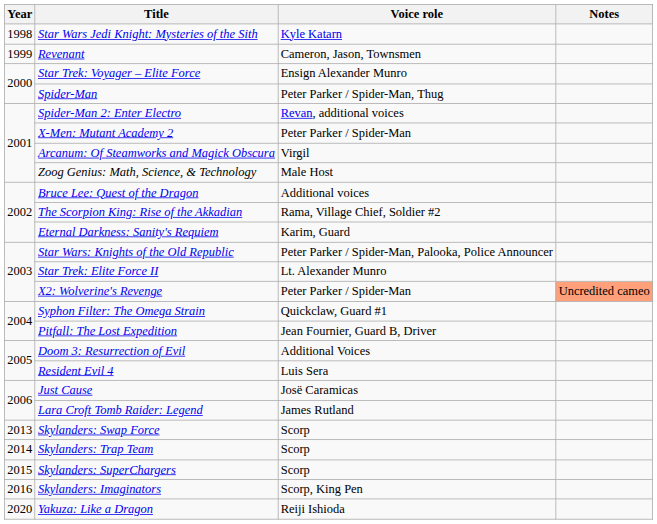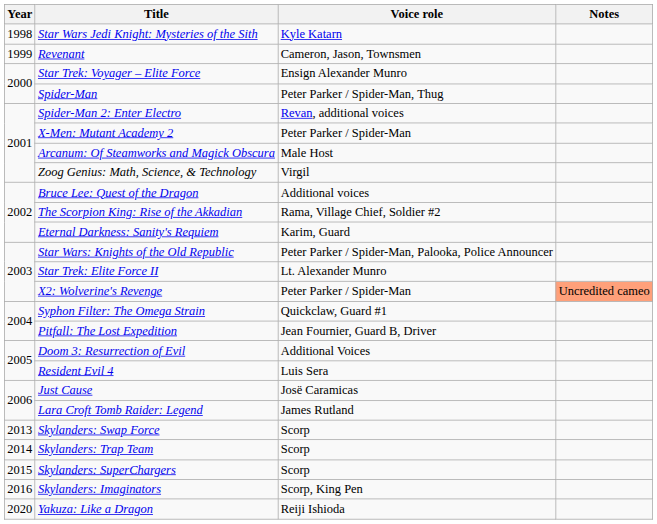 <table class="wikitable sortable">
 <tr>
 <th>Year</th>
 <th>Title</th>
 <th>Voice role</th>
 <th class="unsortable">Notes</th>
 </tr>
 <tr>
 <td>1998</td>
 <td><em><a href='#'>Star Wars Jedi Knight: Mysteries of the Sith</a></em></td>
 <td><a href='#'>Kyle Katarn</a></td>
 <td></td>
 </tr>
 <tr>
 <td>1999</td>
 <td><em><a href='#'>Revenant</a></em></td>
 <td>Cameron, Jason, Townsmen</td>
 <td></td>
 </tr>
 <tr>
 <td rowspan="2">2000</td>
 <td><em><a href='#'>Star Trek: Voyager – Elite Force</a></em></td>
 <td>Ensign Alexander Munro</td>
 <td></td>
 </tr>
 <tr>
 <td><em><a href='#'>Spider-Man</a></em></td>
 <td>Peter Parker / Spider-Man, Thug</td>
 <td></td>
 </tr>
 <tr>
 <td rowspan="4">2001</td>
 <td><em><a href='#'>Spider-Man 2: Enter Electro</a></em></td>
 <td><a href='#'>Revan</a>, additional voices</td>
 <td></td>
 </tr>
 <tr>
 <td><em><a href='#'>X-Men: Mutant Academy 2</a></em></td>
 <td>Peter Parker / Spider-Man</td>
 <td></td>
 </tr>
 <tr>
 <td><em><a href='#'>Arcanum: Of Steamworks and Magick Obscura</a></em></td>
-<td>Virgil</td>
+<td>Male Host</td>
 <td></td>
 </tr>
 <tr>
 <td><em>Zoog Genius: Math, Science, & Technology</em></td>
-<td>Male Host</td>
+<td>Virgil</td>
 <td></td>
 </tr>
 <tr>
 <td rowspan="3">2002</td>
 <td><em><a href='#'>Bruce Lee: Quest of the Dragon</a></em></td>
 <td>Additional voices</td>
 <td></td>
 </tr>
 <tr>
 <td data-sort-value="Scorpion King: Rise of the Akkadian, The"><em><a href='#'>The Scorpion King: Rise of the Akkadian</a></em></td>
 <td>Rama, Village Chief, Soldier #2</td>
 <td></td>
 </tr>
 <tr>
 <td><em><a href='#'>Eternal Darkness: Sanity's Requiem</a></em></td>
 <td>Karim, Guard</td>
 <td></td>
 </tr>
 <tr>
 <td rowspan="3">2003</td>
 <td><em><a href='#'>Star Wars: Knights of the Old Republic</a></em></td>
 <td>Peter Parker / Spider-Man, Palooka, Police Announcer</td>
 <td></td>
 </tr>
 <tr>
 <td><em><a href='#'>Star Trek: Elite Force II</a></em></td>
 <td>Lt. Alexander Munro</td>
 <td></td>
 </tr>
 <tr>
 <td><em><a href='#'>X2: Wolverine's Revenge</a></em></td>
 <td>Peter Parker / Spider-Man</td>
 <td style="background: lightsalmon;">Uncredited cameo</td>
 </tr>
 <tr>
 <td rowspan="2">2004</td>
 <td><em><a href='#'>Syphon Filter: The Omega Strain</a></em></td>
 <td>Quickclaw, Guard #1</td>
 <td></td>
 </tr>
 <tr>
 <td><em><a href='#'>Pitfall: The Lost Expedition</a></em></td>
 <td>Jean Fournier, Guard B, Driver</td>
 <td></td>
 </tr>
 <tr>
 <td rowspan="2">2005</td>
 <td><em><a href='#'>Doom 3: Resurrection of Evil</a></em></td>
 <td>Additional Voices</td>
 <td></td>
 </tr>
 <tr>
 <td><em><a href='#'>Resident Evil 4</a></em></td>
 <td>Luis Sera</td>
 <td></td>
 </tr>
 <tr>
 <td rowspan="2">2006</td>
 <td><em><a href='#'>Just Cause</a></em></td>
 <td>Josë Caramicas</td>
 <td></td>
 </tr>
 <tr>
 <td><em><a href='#'>Lara Croft Tomb Raider: Legend</a></em></td>
 <td>James Rutland</td>
 <td></td>
 </tr>
 <tr>
 <td>2013</td>
 <td><em><a href='#'>Skylanders: Swap Force</a></em></td>
 <td>Scorp</td>
 <td></td>
 </tr>
 <tr>
 <td>2014</td>
 <td><em><a href='#'>Skylanders: Trap Team</a></em></td>
 <td>Scorp</td>
 <td></td>
 </tr>
 <tr>
 <td>2015</td>
 <td><em><a href='#'>Skylanders: SuperChargers</a></em></td>
 <td>Scorp</td>
 <td></td>
 </tr>
 <tr>
 <td>2016</td>
 <td><em><a href='#'>Skylanders: Imaginators</a></em></td>
 <td>Scorp, King Pen</td>
 <td></td>
 </tr>
 <tr>
 <td>2020</td>
 <td><em><a href='#'>Yakuza: Like a Dragon</a></em></td>
 <td>Reiji Ishioda</td>
 <td></td>
 </tr>
 </table>
